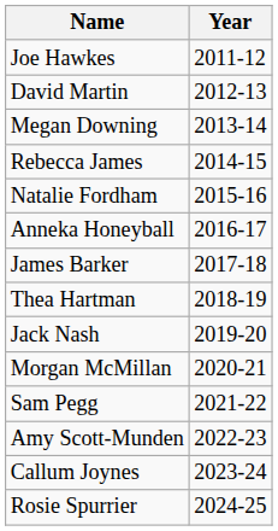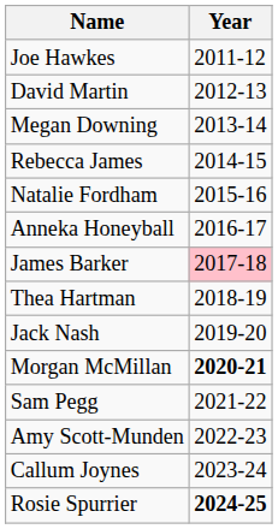 <table class="wikitable">
 <tr>
 <th>Name</th>
 <th>Year</th>
 </tr>
 <tr>
 <td>Joe Hawkes</td>
 <td>2011-12</td>
 </tr>
 <tr>
 <td>David Martin</td>
 <td>2012-13</td>
 </tr>
 <tr>
 <td>Megan Downing</td>
 <td>2013-14</td>
 </tr>
 <tr>
 <td>Rebecca James</td>
 <td>2014-15</td>
 </tr>
 <tr>
 <td>Natalie Fordham</td>
 <td>2015-16</td>
 </tr>
 <tr>
 <td>Anneka Honeyball</td>
 <td>2016-17</td>
 </tr>
 <tr>
 <td>James Barker</td>
-<td>2017-18</td>
+<td style="background: pink;">2017-18</td>
 </tr>
 <tr>
 <td>Thea Hartman</td>
 <td>2018-19</td>
 </tr>
 <tr>
 <td>Jack Nash</td>
 <td>2019-20</td>
 </tr>
 <tr>
 <td>Morgan McMillan</td>
-<td>2020-21</td>
+<td><strong>2020-21</strong></td>
 </tr>
 <tr>
 <td>Sam Pegg</td>
 <td>2021-22</td>
 </tr>
 <tr>
 <td>Amy Scott-Munden</td>
 <td>2022-23</td>
 </tr>
 <tr>
 <td>Callum Joynes</td>
 <td>2023-24</td>
 </tr>
 <tr>
 <td>Rosie Spurrier</td>
-<td>2024-25</td>
+<td><strong>2024-25</strong></td>
 </tr>
 </table>
